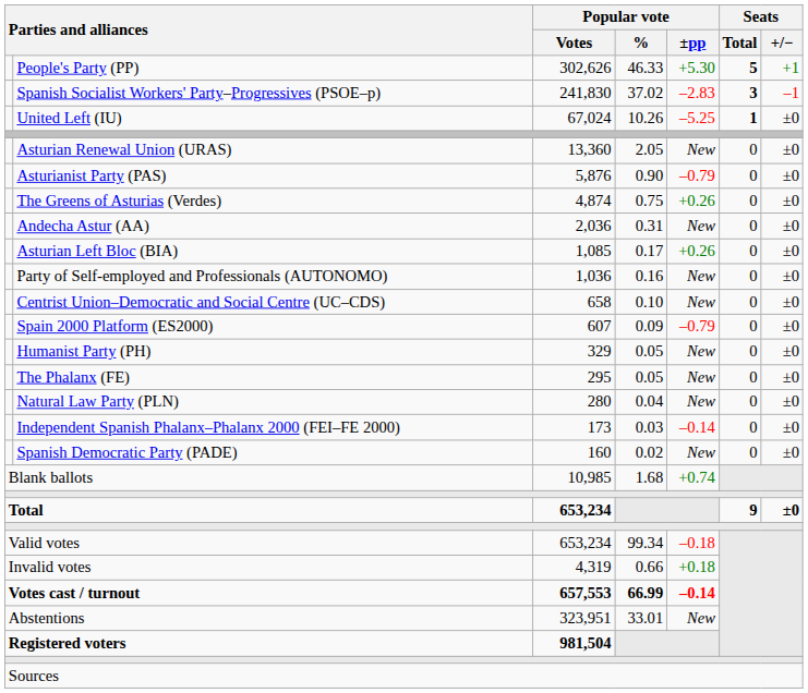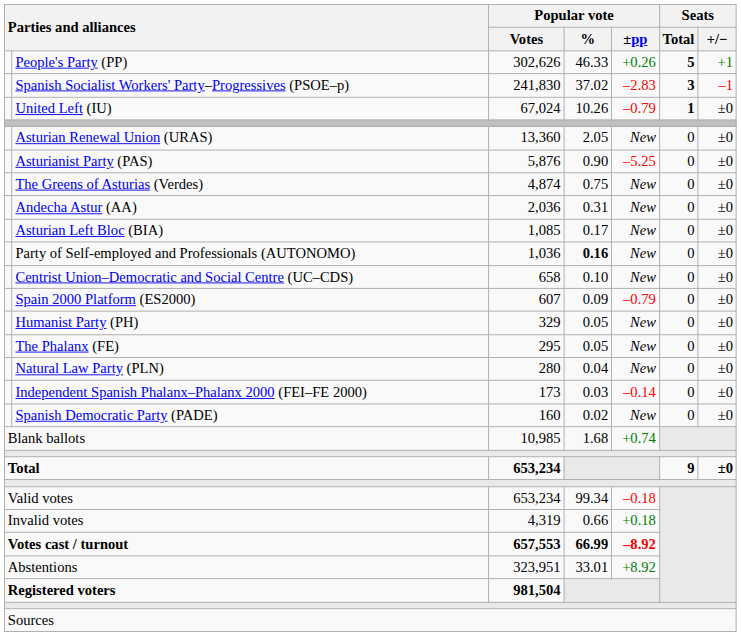 <table class="wikitable" style="text-align:right;">
 <tr>
 <th style="text-align:left;" rowspan="2" colspan="2" width="525">Parties and alliances</th>
 <th colspan="3">Popular vote</th>
 <th colspan="2">Seats</th>
 </tr>
 <tr>
 <th width="75">Votes</th>
 <th width="45">%</th>
 <th width="45">±<a href='#'>pp</a></th>
 <th width="35">Total</th>
 <th width="35">+/−</th>
 </tr>
 <tr>
 <td width="1" style="color:inherit;background:"></td>
 <td align="left"><a href='#'>People's Party</a> (PP)</td>
 <td>302,626</td>
 <td>46.33</td>
-<td style="color:green;">+5.30</td>
+<td style="color:green;">+0.26</td>
 <td><strong>5</strong></td>
 <td style="color:green;">+1</td>
 </tr>
 <tr>
 <td style="color:inherit;background:"></td>
 <td align="left"><a href='#'>Spanish Socialist Workers' Party</a>–<a href='#'>Progressives</a> (PSOE–p)</td>
 <td>241,830</td>
 <td>37.02</td>
 <td style="color:red;">–2.83</td>
 <td><strong>3</strong></td>
 <td style="color:red;">–1</td>
 </tr>
 <tr>
 <td style="color:inherit;background:"></td>
 <td align="left"><a href='#'>United Left</a> (IU)</td>
 <td>67,024</td>
 <td>10.26</td>
-<td style="color:red;">–5.25</td>
+<td style="color:red;">–0.79</td>
 <td><strong>1</strong></td>
 <td>±0</td>
 </tr>
 <tr>
 <td colspan="7" bgcolor="#C0C0C0"></td>
 </tr>
 <tr>
 <td style="color:inherit;background:"></td>
 <td align="left"><a href='#'>Asturian Renewal Union</a> (URAS)</td>
 <td>13,360</td>
 <td>2.05</td>
 <td><em>New</em></td>
 <td>0</td>
 <td>±0</td>
 </tr>
 <tr>
 <td style="color:inherit;background:"></td>
 <td align="left"><a href='#'>Asturianist Party</a> (PAS)</td>
 <td>5,876</td>
 <td>0.90</td>
-<td style="color:red;">–0.79</td>
+<td style="color:red;">–5.25</td>
 <td>0</td>
 <td>±0</td>
 </tr>
 <tr>
 <td style="color:inherit;background:"></td>
 <td align="left"><a href='#'>The Greens of Asturias</a> (Verdes)</td>
 <td>4,874</td>
 <td>0.75</td>
-<td style="color:green;">+0.26</td>
+<td><em>New</em></td>
 <td>0</td>
 <td>±0</td>
 </tr>
 <tr>
 <td style="color:inherit;background:"></td>
 <td align="left"><a href='#'>Andecha Astur</a> (AA)</td>
 <td>2,036</td>
 <td>0.31</td>
 <td><em>New</em></td>
 <td>0</td>
 <td>±0</td>
 </tr>
 <tr>
 <td style="color:inherit;background:"></td>
 <td align="left"><a href='#'>Asturian Left Bloc</a> (BIA)</td>
 <td>1,085</td>
 <td>0.17</td>
-<td style="color:green;">+0.26</td>
+<td><em>New</em></td>
 <td>0</td>
 <td>±0</td>
 </tr>
 <tr>
 <td style="color:inherit;background:"></td>
 <td align="left">Party of Self-employed and Professionals (AUTONOMO)</td>
 <td>1,036</td>
-<td>0.16</td>
+<td><strong>0.16</strong></td>
 <td><em>New</em></td>
 <td>0</td>
 <td>±0</td>
 </tr>
 <tr>
 <td style="color:inherit;background:"></td>
 <td align="left"><a href='#'>Centrist Union–Democratic and Social Centre</a> (UC–CDS)</td>
 <td>658</td>
 <td>0.10</td>
 <td><em>New</em></td>
 <td>0</td>
 <td>±0</td>
 </tr>
 <tr>
 <td style="color:inherit;background:"></td>
 <td align="left"><a href='#'>Spain 2000 Platform</a> (ES2000)</td>
 <td>607</td>
 <td>0.09</td>
 <td style="color:red;">–0.79</td>
 <td>0</td>
 <td>±0</td>
 </tr>
 <tr>
 <td style="color:inherit;background:"></td>
 <td align="left"><a href='#'>Humanist Party</a> (PH)</td>
 <td>329</td>
 <td>0.05</td>
 <td><em>New</em></td>
 <td>0</td>
 <td>±0</td>
 </tr>
 <tr>
 <td style="color:inherit;background:"></td>
 <td align="left"><a href='#'>The Phalanx</a> (FE)</td>
 <td>295</td>
 <td>0.05</td>
 <td><em>New</em></td>
 <td>0</td>
 <td>±0</td>
 </tr>
 <tr>
 <td style="color:inherit;background:"></td>
 <td align="left"><a href='#'>Natural Law Party</a> (PLN)</td>
 <td>280</td>
 <td>0.04</td>
 <td><em>New</em></td>
 <td>0</td>
 <td>±0</td>
 </tr>
 <tr>
 <td style="color:inherit;background:"></td>
 <td align="left"><a href='#'>Independent Spanish Phalanx–Phalanx 2000</a> (FEI–FE 2000)</td>
 <td>173</td>
 <td>0.03</td>
 <td style="color:red;">–0.14</td>
 <td>0</td>
 <td>±0</td>
 </tr>
 <tr>
 <td style="color:inherit;background:"></td>
 <td align="left"><a href='#'>Spanish Democratic Party</a> (PADE)</td>
 <td>160</td>
 <td>0.02</td>
 <td><em>New</em></td>
 <td>0</td>
 <td>±0</td>
 </tr>
 <tr>
 <td align="left" colspan="2">Blank ballots</td>
 <td>10,985</td>
 <td>1.68</td>
 <td style="color:green;">+0.74</td>
 <td bgcolor="#E9E9E9" colspan="2"></td>
 </tr>
 <tr>
 <td colspan="7" bgcolor="#E9E9E9"></td>
 </tr>
 <tr style="font-weight:bold;">
 <td align="left" colspan="2">Total</td>
 <td>653,234</td>
 <td bgcolor="#E9E9E9" colspan="2"></td>
 <td>9</td>
 <td>±0</td>
 </tr>
 <tr>
 <td colspan="7" bgcolor="#E9E9E9"></td>
 </tr>
 <tr>
 <td align="left" colspan="2">Valid votes</td>
 <td>653,234</td>
 <td>99.34</td>
 <td style="color:red;">–0.18</td>
 <td bgcolor="#E9E9E9" colspan="2" rowspan="5"></td>
 </tr>
 <tr>
 <td align="left" colspan="2">Invalid votes</td>
 <td>4,319</td>
 <td>0.66</td>
 <td style="color:green;">+0.18</td>
 </tr>
 <tr style="font-weight:bold;">
 <td align="left" colspan="2">Votes cast / turnout</td>
 <td>657,553</td>
 <td>66.99</td>
-<td style="color:red;">–0.14</td>
+<td style="color:red;">–8.92</td>
 </tr>
 <tr>
 <td align="left" colspan="2">Abstentions</td>
 <td>323,951</td>
 <td>33.01</td>
-<td><em>New</em></td>
+<td style="color:green;">+8.92</td>
 </tr>
 <tr style="font-weight:bold;">
 <td align="left" colspan="2">Registered voters</td>
 <td>981,504</td>
 <td bgcolor="#E9E9E9" colspan="2"></td>
 </tr>
 <tr>
 <td colspan="7" bgcolor="#E9E9E9"></td>
 </tr>
 <tr>
 <td align="left" colspan="7">Sources</td>
 </tr>
 </table>
